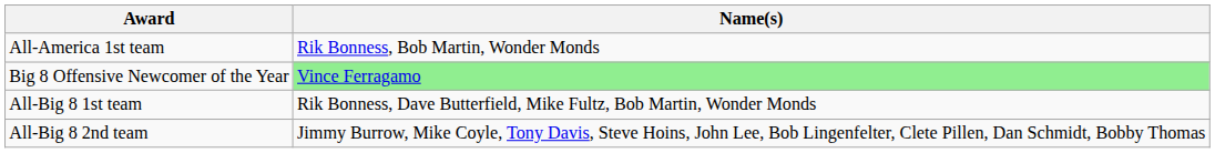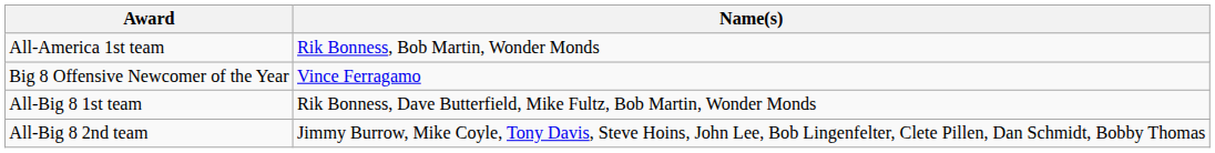 <table class="wikitable">
 <tr>
 <th>Award</th>
 <th>Name(s)</th>
 </tr>
 <tr>
 <td>All-America 1st team</td>
 <td><a href='#'>Rik Bonness</a>, Bob Martin, Wonder Monds</td>
 </tr>
 <tr>
 <td>Big 8 Offensive Newcomer of the Year</td>
-<td style="background: lightgreen;"><a href='#'>Vince Ferragamo</a></td>
+<td><a href='#'>Vince Ferragamo</a></td>
 </tr>
 <tr>
 <td>All-Big 8 1st team</td>
 <td>Rik Bonness, Dave Butterfield, Mike Fultz, Bob Martin, Wonder Monds</td>
 </tr>
 <tr>
 <td>All-Big 8 2nd team</td>
 <td>Jimmy Burrow, Mike Coyle, <a href='#'>Tony Davis</a>, Steve Hoins, John Lee, Bob Lingenfelter, Clete Pillen, Dan Schmidt, Bobby Thomas</td>
 </tr>
 </table>
